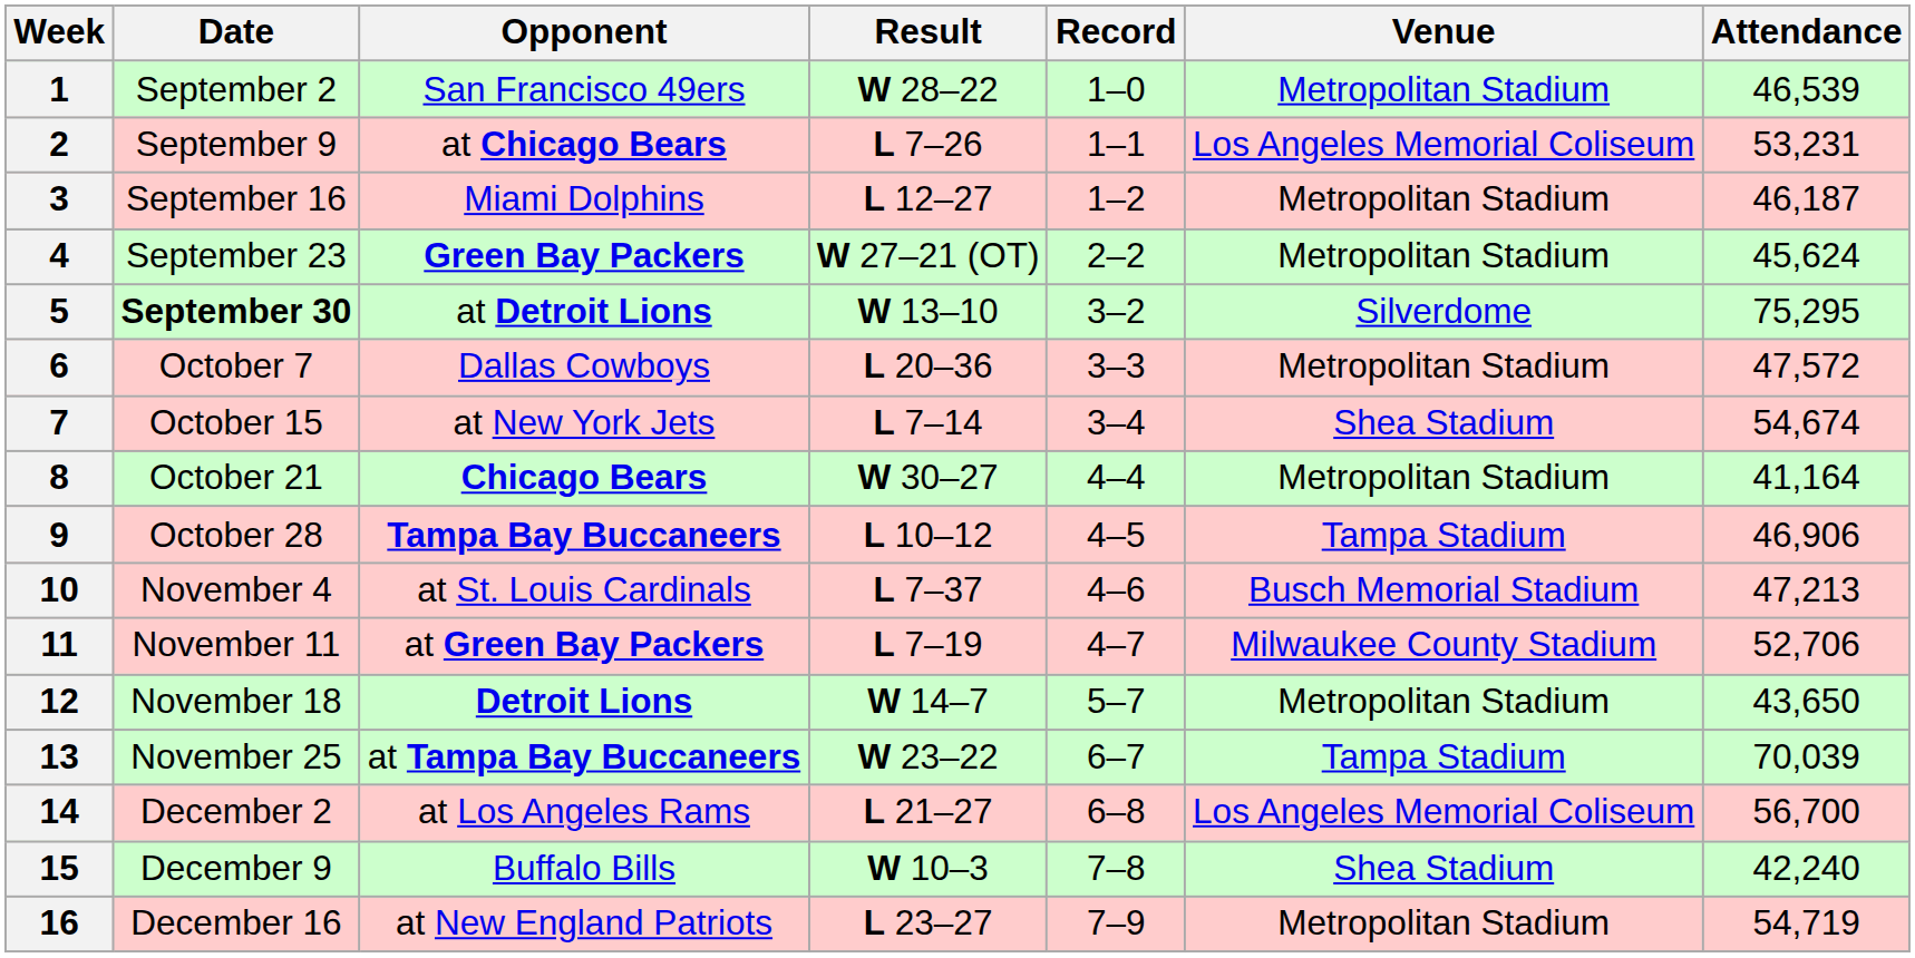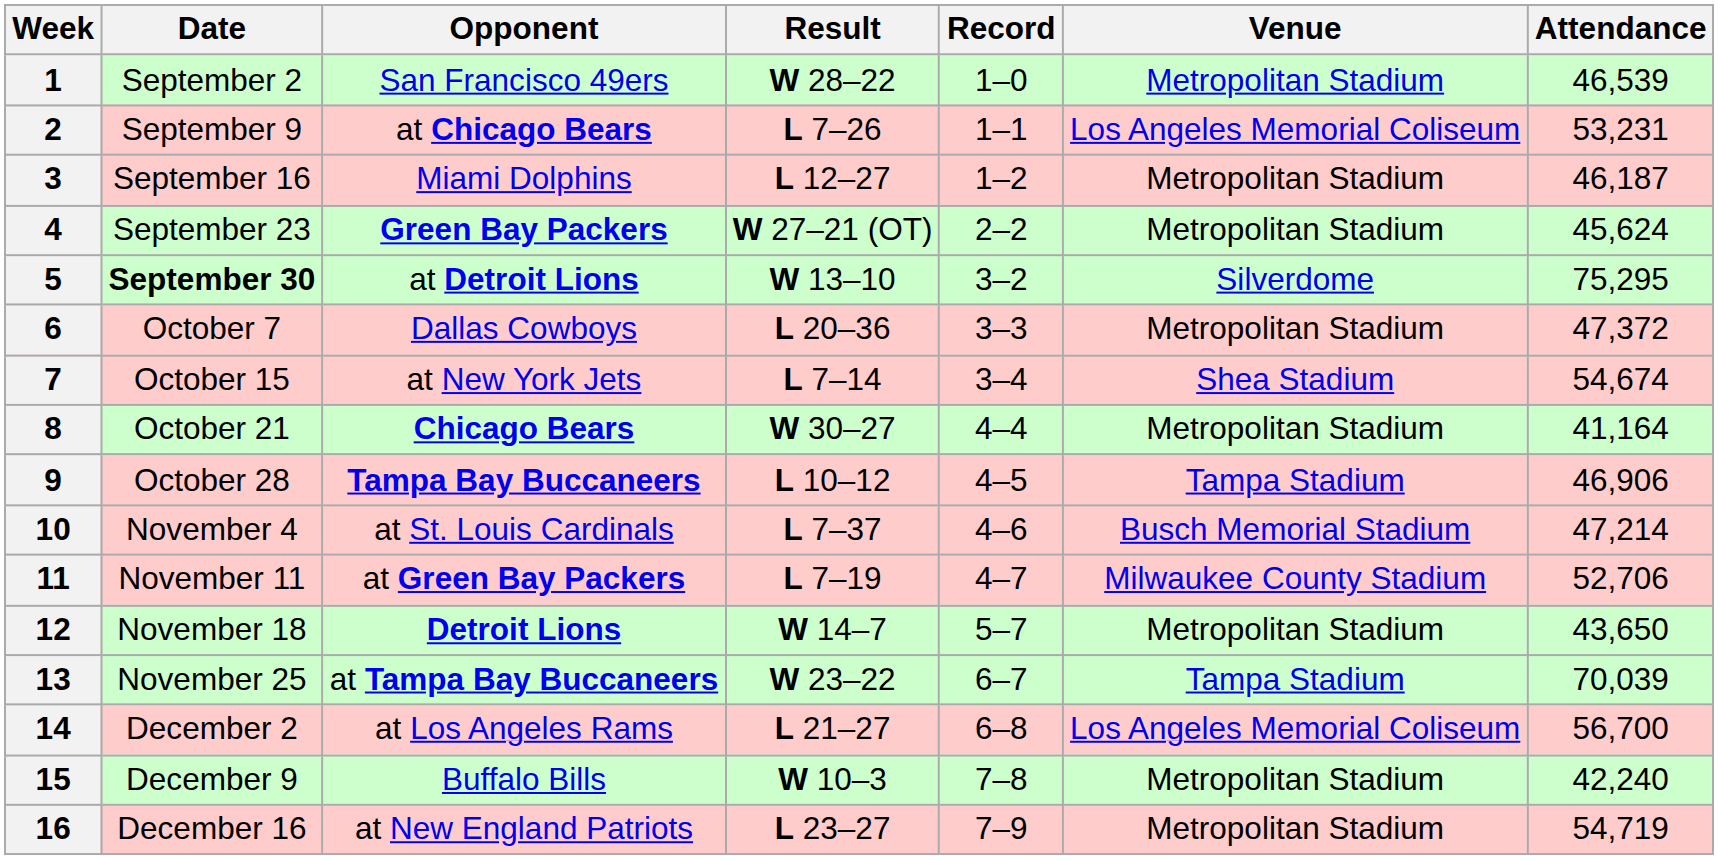 <table class="wikitable" style="text-align:center">
 <tr>
 <th>Week</th>
 <th>Date</th>
 <th>Opponent</th>
 <th>Result</th>
 <th>Record</th>
 <th>Venue</th>
 <th>Attendance</th>
 </tr>
 <tr style="background:#cfc">
 <th>1</th>
 <td>September 2</td>
 <td><a href='#'>San Francisco 49ers</a></td>
 <td><strong>W</strong> 28–22</td>
 <td>1–0</td>
 <td><a href='#'>Metropolitan Stadium</a></td>
 <td>46,539</td>
 </tr>
 <tr style="background:#fcc">
 <th>2</th>
 <td>September 9</td>
 <td>at <strong><a href='#'>Chicago Bears</a></strong></td>
 <td><strong>L</strong> 7–26</td>
 <td>1–1</td>
 <td><a href='#'>Los Angeles Memorial Coliseum</a></td>
 <td>53,231</td>
 </tr>
 <tr style="background:#fcc">
 <th>3</th>
 <td>September 16</td>
 <td><a href='#'>Miami Dolphins</a></td>
 <td><strong>L</strong> 12–27</td>
 <td>1–2</td>
 <td>Metropolitan Stadium</td>
 <td>46,187</td>
 </tr>
 <tr style="background:#cfc">
 <th>4</th>
 <td>September 23</td>
 <td><strong><a href='#'>Green Bay Packers</a></strong></td>
 <td><strong>W</strong> 27–21 (OT)</td>
 <td>2–2</td>
 <td>Metropolitan Stadium</td>
 <td>45,624</td>
 </tr>
 <tr style="background:#cfc">
 <th>5</th>
 <td><strong>September 30</strong></td>
 <td>at <strong><a href='#'>Detroit Lions</a></strong></td>
 <td><strong>W</strong> 13–10</td>
 <td>3–2</td>
 <td><a href='#'>Silverdome</a></td>
 <td>75,295</td>
 </tr>
 <tr style="background:#fcc">
 <th>6</th>
 <td>October 7</td>
 <td><a href='#'>Dallas Cowboys</a></td>
 <td><strong>L</strong> 20–36</td>
 <td>3–3</td>
 <td>Metropolitan Stadium</td>
-<td>47,572</td>
+<td>47,372</td>
 </tr>
 <tr style="background:#fcc">
 <th>7</th>
 <td>October 15</td>
 <td>at <a href='#'>New York Jets</a></td>
 <td><strong>L</strong> 7–14</td>
 <td>3–4</td>
 <td><a href='#'>Shea Stadium</a></td>
 <td>54,674</td>
 </tr>
 <tr style="background:#cfc">
 <th>8</th>
 <td>October 21</td>
 <td><strong><a href='#'>Chicago Bears</a></strong></td>
 <td><strong>W</strong> 30–27</td>
 <td>4–4</td>
 <td>Metropolitan Stadium</td>
 <td>41,164</td>
 </tr>
 <tr style="background:#fcc">
 <th>9</th>
 <td>October 28</td>
 <td><strong><a href='#'>Tampa Bay Buccaneers</a></strong></td>
 <td><strong>L</strong> 10–12</td>
 <td>4–5</td>
 <td><a href='#'>Tampa Stadium</a></td>
 <td>46,906</td>
 </tr>
 <tr style="background:#fcc">
 <th>10</th>
 <td>November 4</td>
 <td>at <a href='#'>St. Louis Cardinals</a></td>
 <td><strong>L</strong> 7–37</td>
 <td>4–6</td>
 <td><a href='#'>Busch Memorial Stadium</a></td>
-<td>47,213</td>
+<td>47,214</td>
 </tr>
 <tr style="background:#fcc">
 <th>11</th>
 <td>November 11</td>
 <td>at <strong><a href='#'>Green Bay Packers</a></strong></td>
 <td><strong>L</strong> 7–19</td>
 <td>4–7</td>
 <td><a href='#'>Milwaukee County Stadium</a></td>
 <td>52,706</td>
 </tr>
 <tr style="background:#cfc">
 <th>12</th>
 <td>November 18</td>
 <td><strong><a href='#'>Detroit Lions</a></strong></td>
 <td><strong>W</strong> 14–7</td>
 <td>5–7</td>
 <td>Metropolitan Stadium</td>
 <td>43,650</td>
 </tr>
 <tr style="background:#cfc">
 <th>13</th>
 <td>November 25</td>
 <td>at <strong><a href='#'>Tampa Bay Buccaneers</a></strong></td>
 <td><strong>W</strong> 23–22</td>
 <td>6–7</td>
 <td><a href='#'>Tampa Stadium</a></td>
 <td>70,039</td>
 </tr>
 <tr style="background:#fcc">
 <th>14</th>
 <td>December 2</td>
 <td>at <a href='#'>Los Angeles Rams</a></td>
 <td><strong>L</strong> 21–27 </td>
 <td>6–8</td>
 <td><a href='#'>Los Angeles Memorial Coliseum</a></td>
 <td>56,700</td>
 </tr>
 <tr style="background:#cfc">
 <th>15</th>
 <td>December 9</td>
 <td><a href='#'>Buffalo Bills</a></td>
 <td><strong>W</strong> 10–3</td>
 <td>7–8</td>
-<td><a href='#'>Shea Stadium</a></td>
+<td>Metropolitan Stadium</td>
 <td>42,240</td>
 </tr>
 <tr style="background:#fcc">
 <th>16</th>
 <td>December 16</td>
 <td>at <a href='#'>New England Patriots</a></td>
 <td><strong>L</strong> 23–27</td>
 <td>7–9</td>
 <td>Metropolitan Stadium</td>
 <td>54,719</td>
 </tr>
 </table>
